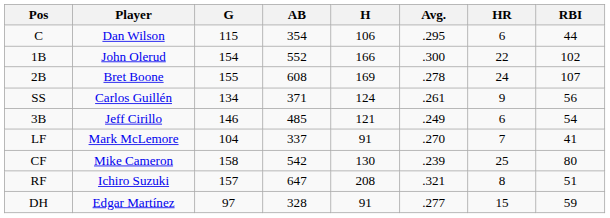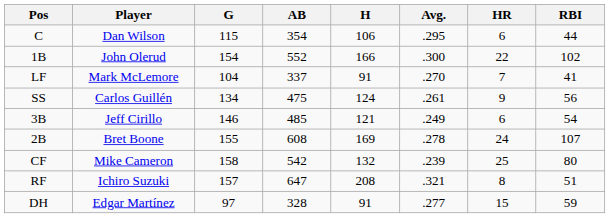 <table class="wikitable sortable">
 <tr>
 <th bgcolor="#DDDDFF" width="9%">Pos</th>
 <th bgcolor="#DDDDFF" width="16%">Player</th>
 <th bgcolor="#DDDDFF" width="9%">G</th>
 <th bgcolor="#DDDDFF" width="9%">AB</th>
 <th bgcolor="#DDDDFF" width="9%">H</th>
 <th bgcolor="#DDDDFF" width="9%">Avg.</th>
 <th bgcolor="#DDDDFF" width="9%">HR</th>
 <th bgcolor="#DDDDFF" width="9%">RBI</th>
 </tr>
 <tr align="center">
 <td>C</td>
 <td><a href='#'>Dan Wilson</a></td>
 <td>115</td>
 <td>354</td>
 <td>106</td>
 <td>.295</td>
 <td>6</td>
 <td>44</td>
 </tr>
 <tr align="center">
 <td>1B</td>
 <td><a href='#'>John Olerud</a></td>
 <td>154</td>
 <td>552</td>
 <td>166</td>
 <td>.300</td>
 <td>22</td>
 <td>102</td>
 </tr>
 <tr align="center">
-<td>2B</td>
-<td><a href='#'>Bret Boone</a></td>
-<td>155</td>
-<td>608</td>
-<td>169</td>
-<td>.278</td>
-<td>24</td>
-<td>107</td>
+<td>LF</td>
+<td><a href='#'>Mark McLemore</a></td>
+<td>104</td>
+<td>337</td>
+<td>91</td>
+<td>.270</td>
+<td>7</td>
+<td>41</td>
 </tr>
 <tr align="center">
 <td>SS</td>
 <td><a href='#'>Carlos Guillén</a></td>
 <td>134</td>
-<td>371</td>
+<td>475</td>
 <td>124</td>
 <td>.261</td>
 <td>9</td>
 <td>56</td>
 </tr>
 <tr align="center">
 <td>3B</td>
 <td><a href='#'>Jeff Cirillo</a></td>
 <td>146</td>
 <td>485</td>
 <td>121</td>
 <td>.249</td>
 <td>6</td>
 <td>54</td>
 </tr>
 <tr align="center">
-<td>LF</td>
-<td><a href='#'>Mark McLemore</a></td>
-<td>104</td>
-<td>337</td>
-<td>91</td>
-<td>.270</td>
-<td>7</td>
-<td>41</td>
+<td>2B</td>
+<td><a href='#'>Bret Boone</a></td>
+<td>155</td>
+<td>608</td>
+<td>169</td>
+<td>.278</td>
+<td>24</td>
+<td>107</td>
 </tr>
 <tr align="center">
 <td>CF</td>
 <td><a href='#'>Mike Cameron</a></td>
 <td>158</td>
 <td>542</td>
-<td>130</td>
+<td>132</td>
 <td>.239</td>
 <td>25</td>
 <td>80</td>
 </tr>
 <tr align="center">
 <td>RF</td>
 <td><a href='#'>Ichiro Suzuki</a></td>
 <td>157</td>
 <td>647</td>
 <td>208</td>
 <td>.321</td>
 <td>8</td>
 <td>51</td>
 </tr>
 <tr align="center">
 <td>DH</td>
 <td><a href='#'>Edgar Martínez</a></td>
 <td>97</td>
 <td>328</td>
 <td>91</td>
 <td>.277</td>
 <td>15</td>
 <td>59</td>
 </tr>
 </table>
